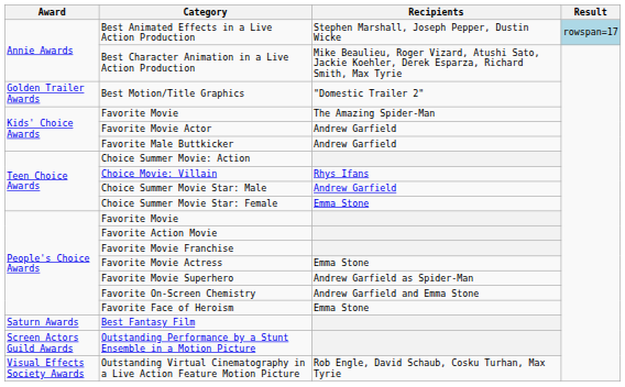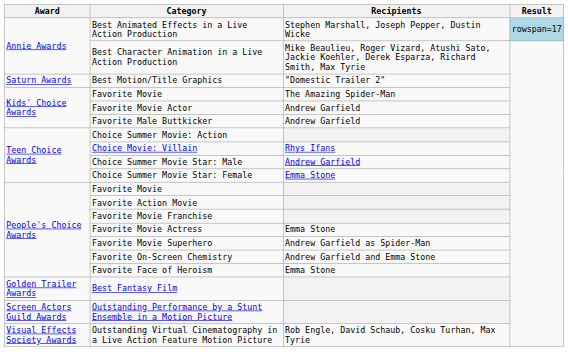 <table class="wikitable sortable plainrowheaders" width="99%">
 <tr>
 <th>Award</th>
 <th>Category</th>
 <th>Recipients</th>
 <th>Result</th>
 </tr>
 <tr>
 <td rowspan="2"><a href='#'>Annie Awards</a></td>
 <td>Best Animated Effects in a Live Action Production</td>
 <td>Stephen Marshall, Joseph Pepper, Dustin Wicke</td>
 <td style="background: lightblue;">rowspan=17 </td>
 </tr>
 <tr>
 <td>Best Character Animation in a Live Action Production</td>
 <td>Mike Beaulieu, Roger Vizard, Atushi Sato, Jackie Koehler, Derek Esparza, Richard Smith, Max Tyrie</td>
 </tr>
 <tr>
-<td><a href='#'>Golden Trailer Awards</a></td>
+<td><a href='#'>Saturn Awards</a></td>
 <td>Best Motion/Title Graphics</td>
 <td>"Domestic Trailer 2"</td>
 </tr>
 <tr>
 <td rowspan="3"><a href='#'>Kids' Choice Awards</a></td>
 <td>Favorite Movie</td>
 <td>The Amazing Spider-Man</td>
 </tr>
 <tr>
 <td>Favorite Movie Actor</td>
 <td>Andrew Garfield</td>
 </tr>
 <tr>
 <td>Favorite Male Buttkicker</td>
 <td>Andrew Garfield</td>
 </tr>
 <tr>
 <td rowspan="4"><a href='#'>Teen Choice Awards</a></td>
 <td>Choice Summer Movie: Action</td>
 <th></th>
 </tr>
 <tr>
 <td><a href='#'>Choice Movie: Villain</a></td>
 <td><a href='#'>Rhys Ifans</a></td>
 </tr>
 <tr>
 <td>Choice Summer Movie Star: Male</td>
 <td><a href='#'>Andrew Garfield</a></td>
 </tr>
 <tr>
 <td>Choice Summer Movie Star: Female</td>
 <td><a href='#'>Emma Stone</a></td>
 </tr>
 <tr>
 <td rowspan="7"><a href='#'>People's Choice Awards</a></td>
 <td>Favorite Movie</td>
 <th></th>
 </tr>
 <tr>
 <td>Favorite Action Movie</td>
 <th></th>
 </tr>
 <tr>
 <td>Favorite Movie Franchise</td>
 <th></th>
 </tr>
 <tr>
 <td>Favorite Movie Actress</td>
 <td>Emma Stone</td>
 </tr>
 <tr>
 <td>Favorite Movie Superhero</td>
 <td>Andrew Garfield as Spider-Man</td>
 </tr>
 <tr>
 <td>Favorite On-Screen Chemistry</td>
 <td>Andrew Garfield and Emma Stone</td>
 </tr>
 <tr>
 <td>Favorite Face of Heroism</td>
 <td>Emma Stone</td>
 </tr>
 <tr>
-<td><a href='#'>Saturn Awards</a></td>
+<td><a href='#'>Golden Trailer Awards</a></td>
 <td><a href='#'>Best Fantasy Film</a></td>
 <th></th>
 </tr>
 <tr>
 <td><a href='#'>Screen Actors Guild Awards</a></td>
 <td><a href='#'>Outstanding Performance by a Stunt Ensemble in a Motion Picture</a></td>
 <th></th>
 </tr>
 <tr>
 <td><a href='#'>Visual Effects Society Awards</a></td>
 <td>Outstanding Virtual Cinematography in a Live Action Feature Motion Picture</td>
 <td>Rob Engle, David Schaub, Cosku Turhan, Max Tyrie</td>
 </tr>
 </table>
